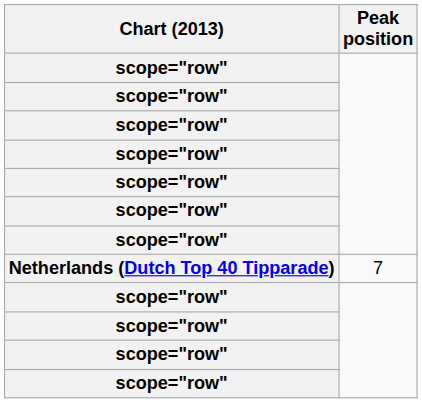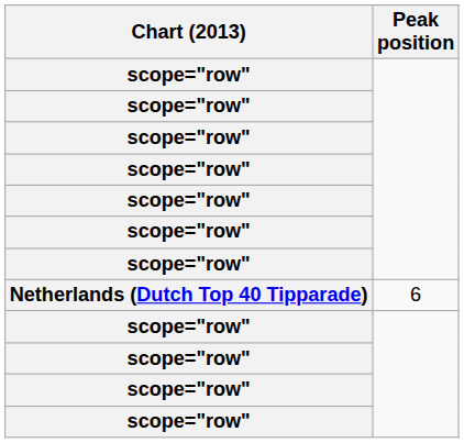 <table class="wikitable sortable plainrowheaders">
 <tr>
 <th scope="col">Chart (2013)</th>
 <th scope="col">Peak<br>position</th>
 </tr>
 <tr>
 <th>scope="row"</th>
 </tr>
 <tr>
 <th>scope="row"</th>
 </tr>
 <tr>
 <th>scope="row"</th>
 </tr>
 <tr>
 <th>scope="row"</th>
 </tr>
 <tr>
 <th>scope="row"</th>
 </tr>
 <tr>
 <th>scope="row"</th>
 </tr>
 <tr>
 <th>scope="row"</th>
 </tr>
 <tr>
 <th scope="row">Netherlands (<a href='#'>Dutch Top 40 Tipparade</a>)</th>
-<td align="center">7</td>
+<td align="center">6</td>
 </tr>
 <tr>
 <th>scope="row"</th>
 </tr>
 <tr>
 <th>scope="row"</th>
 </tr>
 <tr>
 <th>scope="row"</th>
 </tr>
 <tr>
 <th>scope="row"</th>
 </tr>
 </table>
